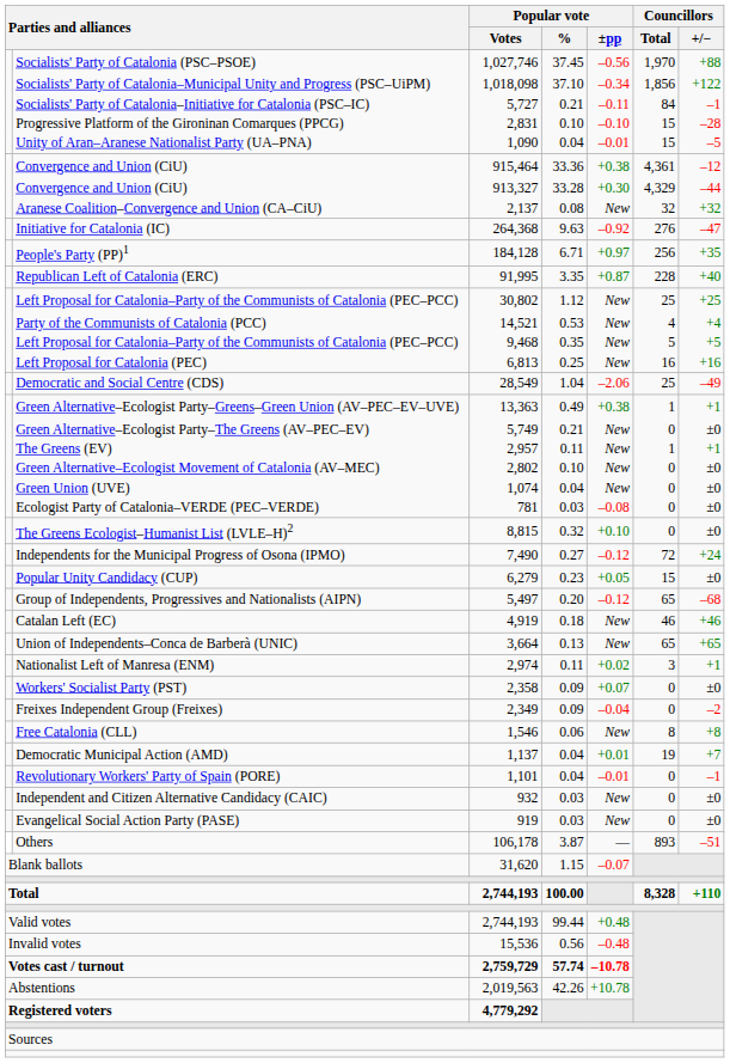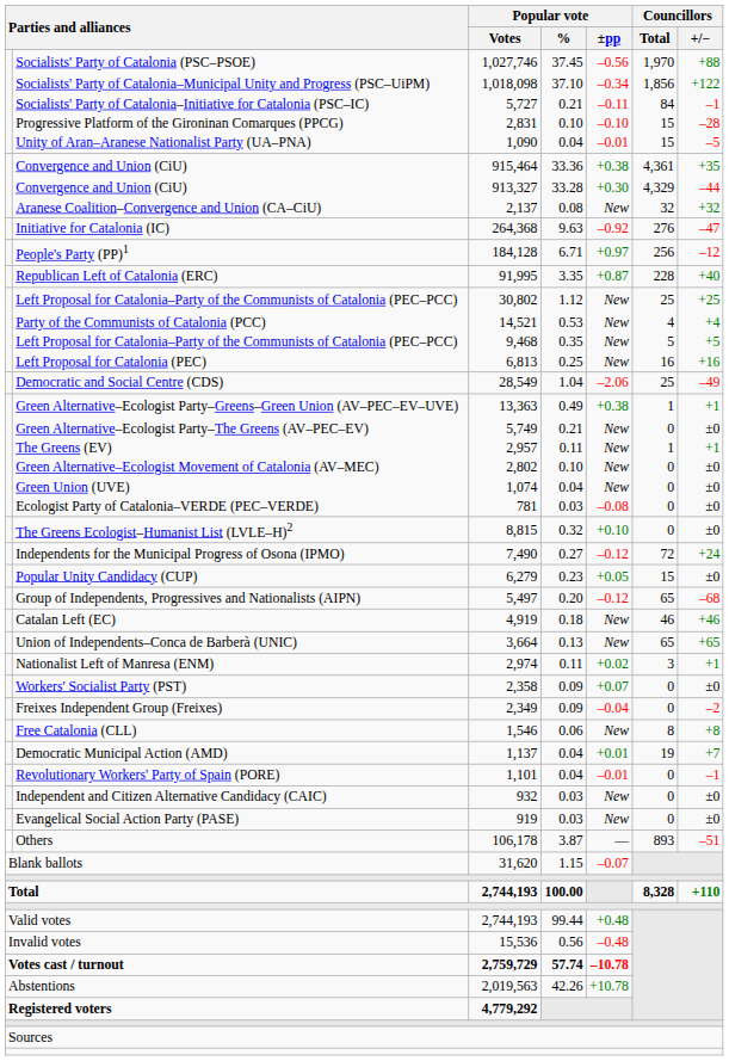 <table class="wikitable" style="text-align:right;">
 <tr>
 <th style="text-align:left;" rowspan="2" colspan="2" width="525">Parties and alliances</th>
 <th colspan="3">Popular vote</th>
 <th colspan="2">Councillors</th>
 </tr>
 <tr>
 <th width="75">Votes</th>
 <th width="45">%</th>
 <th width="45">±<a href='#'>pp</a></th>
 <th width="45">Total</th>
 <th width="45">+/−</th>
 </tr>
 <tr style="line-height:22px;">
 <td width="1" rowspan="5"></td>
 <td align="left"><a href='#'>Socialists' Party of Catalonia</a> (PSC–PSOE)</td>
 <td>1,027,746</td>
 <td>37.45</td>
 <td style="color:red;">–0.56</td>
 <td>1,970</td>
 <td style="color:green;">+88</td>
 </tr>
 <tr style="border-bottom-style:hidden; border-top-style:hidden; line-height:16px;">
 <td align="left"><span><a href='#'>Socialists' Party of Catalonia–Municipal Unity and Progress</a> (PSC–UiPM)</span></td>
 <td>1,018,098</td>
 <td>37.10</td>
 <td style="color:red;">–0.34</td>
 <td>1,856</td>
 <td style="color:green;">+122</td>
 </tr>
 <tr style="border-bottom-style:hidden; line-height:16px;">
 <td align="left"><span><a href='#'>Socialists' Party of Catalonia</a>–<a href='#'>Initiative for Catalonia</a> (PSC–IC)</span></td>
 <td>5,727</td>
 <td>0.21</td>
 <td style="color:red;">–0.11</td>
 <td>84</td>
 <td style="color:red;">–1</td>
 </tr>
 <tr style="border-bottom-style:hidden; line-height:16px;">
 <td align="left"><span>Progressive Platform of the Gironinan Comarques (PPCG)</span></td>
 <td>2,831</td>
 <td>0.10</td>
 <td style="color:red;">–0.10</td>
 <td>15</td>
 <td style="color:red;">–28</td>
 </tr>
 <tr style="line-height:16px;">
 <td align="left"><span><a href='#'>Unity of Aran–Aranese Nationalist Party</a> (UA–PNA)</span></td>
 <td>1,090</td>
 <td>0.04</td>
 <td style="color:red;">–0.01</td>
 <td>15</td>
 <td style="color:red;">–5</td>
 </tr>
 <tr style="line-height:22px;">
 <td rowspan="3" style="color:inherit;background:"></td>
 <td align="left"><a href='#'>Convergence and Union</a> (CiU)</td>
 <td>915,464</td>
 <td>33.36</td>
 <td style="color:green;">+0.38</td>
 <td>4,361</td>
-<td style="color:red;">–12</td>
+<td style="color:green;">+35</td>
 </tr>
 <tr style="border-bottom-style:hidden; border-top-style:hidden; line-height:16px;">
 <td align="left"><span><a href='#'>Convergence and Union</a> (CiU)</span></td>
 <td>913,327</td>
 <td>33.28</td>
 <td style="color:green;">+0.30</td>
 <td>4,329</td>
 <td style="color:red;">–44</td>
 </tr>
 <tr style="line-height:16px;">
 <td align="left"><span><a href='#'>Aranese Coalition</a>–<a href='#'>Convergence and Union</a> (CA–CiU)</span></td>
 <td>2,137</td>
 <td>0.08</td>
 <td><em>New</em></td>
 <td>32</td>
 <td style="color:green;">+32</td>
 </tr>
 <tr>
 <td style="color:inherit;background:"></td>
 <td align="left"><a href='#'>Initiative for Catalonia</a> (IC)</td>
 <td>264,368</td>
 <td>9.63</td>
 <td style="color:red;">–0.92</td>
 <td>276</td>
 <td style="color:red;">–47</td>
 </tr>
 <tr>
 <td style="color:inherit;background:"></td>
 <td align="left"><a href='#'>People's Party</a> (PP)<sup>1</sup></td>
 <td>184,128</td>
 <td>6.71</td>
 <td style="color:green;">+0.97</td>
 <td>256</td>
-<td style="color:green;">+35</td>
+<td style="color:red;">–12</td>
 </tr>
 <tr>
 <td style="color:inherit;background:"></td>
 <td align="left"><a href='#'>Republican Left of Catalonia</a> (ERC)</td>
 <td>91,995</td>
 <td>3.35</td>
 <td style="color:green;">+0.87</td>
 <td>228</td>
 <td style="color:green;">+40</td>
 </tr>
 <tr style="line-height:22px;">
 <td rowspan="4" style="color:inherit;background:"></td>
 <td align="left"><a href='#'>Left Proposal for Catalonia–Party of the Communists of Catalonia</a> (PEC–PCC)</td>
 <td>30,802</td>
 <td>1.12</td>
 <td><em>New</em></td>
 <td>25</td>
 <td style="color:green;">+25</td>
 </tr>
 <tr style="border-bottom-style:hidden; border-top-style:hidden; line-height:16px;">
 <td align="left"><span><a href='#'>Party of the Communists of Catalonia</a> (PCC)</span></td>
 <td>14,521</td>
 <td>0.53</td>
 <td><em>New</em></td>
 <td>4</td>
 <td style="color:green;">+4</td>
 </tr>
 <tr style="border-bottom-style:hidden; line-height:16px;">
 <td align="left"><span><a href='#'>Left Proposal for Catalonia–Party of the Communists of Catalonia</a> (PEC–PCC)</span></td>
 <td>9,468</td>
 <td>0.35</td>
 <td><em>New</em></td>
 <td>5</td>
 <td style="color:green;">+5</td>
 </tr>
 <tr style="line-height:16px;">
 <td align="left"><span><a href='#'>Left Proposal for Catalonia</a> (PEC)</span></td>
 <td>6,813</td>
 <td>0.25</td>
 <td><em>New</em></td>
 <td>16</td>
 <td style="color:green;">+16</td>
 </tr>
 <tr>
 <td style="color:inherit;background:"></td>
 <td align="left"><a href='#'>Democratic and Social Centre</a> (CDS)</td>
 <td>28,549</td>
 <td>1.04</td>
 <td style="color:red;">–2.06</td>
 <td>25</td>
 <td style="color:red;">–49</td>
 </tr>
 <tr style="line-height:22px;">
 <td rowspan="6" style="color:inherit;background:"></td>
 <td align="left"><a href='#'>Green Alternative</a>–Ecologist Party–<a href='#'>Greens</a>–<a href='#'>Green Union</a> (AV–PEC–EV–UVE)</td>
 <td>13,363</td>
 <td>0.49</td>
 <td style="color:green;">+0.38</td>
 <td>1</td>
 <td style="color:green;">+1</td>
 </tr>
 <tr style="border-bottom-style:hidden; border-top-style:hidden; line-height:16px;">
 <td align="left"><span><a href='#'>Green Alternative</a>–Ecologist Party–<a href='#'>The Greens</a> (AV–PEC–EV)</span></td>
 <td>5,749</td>
 <td>0.21</td>
 <td><em>New</em></td>
 <td>0</td>
 <td>±0</td>
 </tr>
 <tr style="border-bottom-style:hidden; line-height:16px;">
 <td align="left"><span><a href='#'>The Greens</a> (EV)</span></td>
 <td>2,957</td>
 <td>0.11</td>
 <td><em>New</em></td>
 <td>1</td>
 <td style="color:green;">+1</td>
 </tr>
 <tr style="border-bottom-style:hidden; line-height:16px;">
 <td align="left"><span><a href='#'>Green Alternative–Ecologist Movement of Catalonia</a> (AV–MEC)</span></td>
 <td>2,802</td>
 <td>0.10</td>
 <td><em>New</em></td>
 <td>0</td>
 <td>±0</td>
 </tr>
 <tr style="border-bottom-style:hidden; line-height:16px;">
 <td align="left"><span><a href='#'>Green Union</a> (UVE)</span></td>
 <td>1,074</td>
 <td>0.04</td>
 <td><em>New</em></td>
 <td>0</td>
 <td>±0</td>
 </tr>
 <tr style="line-height:16px;">
 <td align="left"><span>Ecologist Party of Catalonia–VERDE (PEC–VERDE)</span></td>
 <td>781</td>
 <td>0.03</td>
 <td style="color:red;">–0.08</td>
 <td>0</td>
 <td>±0</td>
 </tr>
 <tr>
 <td style="color:inherit;background:"></td>
 <td align="left"><a href='#'>The Greens Ecologist</a>–<a href='#'>Humanist List</a> (LVLE–H)<sup>2</sup></td>
 <td>8,815</td>
 <td>0.32</td>
 <td style="color:green;">+0.10</td>
 <td>0</td>
 <td>±0</td>
 </tr>
 <tr>
 <td style="color:inherit;background:"></td>
 <td align="left">Independents for the Municipal Progress of Osona (IPMO)</td>
 <td>7,490</td>
 <td>0.27</td>
 <td style="color:red;">–0.12</td>
 <td>72</td>
 <td style="color:green;">+24</td>
 </tr>
 <tr>
 <td style="color:inherit;background:"></td>
 <td align="left"><a href='#'>Popular Unity Candidacy</a> (CUP)</td>
 <td>6,279</td>
 <td>0.23</td>
 <td style="color:green;">+0.05</td>
 <td>15</td>
 <td>±0</td>
 </tr>
 <tr>
 <td style="color:inherit;background:"></td>
 <td align="left">Group of Independents, Progressives and Nationalists (AIPN)</td>
 <td>5,497</td>
 <td>0.20</td>
 <td style="color:red;">–0.12</td>
 <td>65</td>
 <td style="color:red;">–68</td>
 </tr>
 <tr>
 <td style="color:inherit;background:"></td>
 <td align="left">Catalan Left (EC)</td>
 <td>4,919</td>
 <td>0.18</td>
 <td><em>New</em></td>
 <td>46</td>
 <td style="color:green;">+46</td>
 </tr>
 <tr>
 <td style="color:inherit;background:"></td>
 <td align="left">Union of Independents–Conca de Barberà (UNIC)</td>
 <td>3,664</td>
 <td>0.13</td>
 <td><em>New</em></td>
 <td>65</td>
 <td style="color:green;">+65</td>
 </tr>
 <tr>
 <td style="color:inherit;background:"></td>
 <td align="left">Nationalist Left of Manresa (ENM)</td>
 <td>2,974</td>
 <td>0.11</td>
 <td style="color:green;">+0.02</td>
 <td>3</td>
 <td style="color:green;">+1</td>
 </tr>
 <tr>
 <td style="color:inherit;background:"></td>
 <td align="left"><a href='#'>Workers' Socialist Party</a> (PST)</td>
 <td>2,358</td>
 <td>0.09</td>
 <td style="color:green;">+0.07</td>
 <td>0</td>
 <td>±0</td>
 </tr>
 <tr>
 <td style="color:inherit;background:"></td>
 <td align="left">Freixes Independent Group (Freixes)</td>
 <td>2,349</td>
 <td>0.09</td>
 <td style="color:red;">–0.04</td>
 <td>0</td>
 <td style="color:red;">–2</td>
 </tr>
 <tr>
 <td style="color:inherit;background:"></td>
 <td align="left"><a href='#'>Free Catalonia</a> (CLL)</td>
 <td>1,546</td>
 <td>0.06</td>
 <td><em>New</em></td>
 <td>8</td>
 <td style="color:green;">+8</td>
 </tr>
 <tr>
 <td style="color:inherit;background:"></td>
 <td align="left">Democratic Municipal Action (AMD)</td>
 <td>1,137</td>
 <td>0.04</td>
 <td style="color:green;">+0.01</td>
 <td>19</td>
 <td style="color:green;">+7</td>
 </tr>
 <tr>
 <td style="color:inherit;background:"></td>
 <td align="left"><a href='#'>Revolutionary Workers' Party of Spain</a> (PORE)</td>
 <td>1,101</td>
 <td>0.04</td>
 <td style="color:red;">–0.01</td>
 <td>0</td>
 <td style="color:red;">–1</td>
 </tr>
 <tr>
 <td style="color:inherit;background:"></td>
 <td align="left">Independent and Citizen Alternative Candidacy (CAIC)</td>
 <td>932</td>
 <td>0.03</td>
 <td><em>New</em></td>
 <td>0</td>
 <td>±0</td>
 </tr>
 <tr>
 <td style="color:inherit;background:"></td>
 <td align="left">Evangelical Social Action Party (PASE)</td>
 <td>919</td>
 <td>0.03</td>
 <td><em>New</em></td>
 <td>0</td>
 <td>±0</td>
 </tr>
 <tr>
 <td bgcolor="white"></td>
 <td align="left">Others</td>
 <td>106,178</td>
 <td>3.87</td>
 <td>—</td>
 <td>893</td>
 <td style="color:red;">–51</td>
 </tr>
 <tr>
 <td align="left" colspan="2">Blank ballots</td>
 <td>31,620</td>
 <td>1.15</td>
 <td style="color:red;">–0.07</td>
 <td style="color:inherit;background:#E9E9E9" colspan="2"></td>
 </tr>
 <tr>
 <td colspan="7" style="color:inherit;background:#E9E9E9"></td>
 </tr>
 <tr style="font-weight:bold;">
 <td align="left" colspan="2">Total</td>
 <td>2,744,193</td>
 <td>100.00</td>
 <td bgcolor="#E9E9E9"></td>
 <td>8,328</td>
 <td style="color:green;">+110</td>
 </tr>
 <tr>
 <td colspan="7" style="color:inherit;background:#E9E9E9"></td>
 </tr>
 <tr>
 <td align="left" colspan="2">Valid votes</td>
 <td>2,744,193</td>
 <td>99.44</td>
 <td style="color:green;">+0.48</td>
 <td bgcolor="#E9E9E9" colspan="2" rowspan="5"></td>
 </tr>
 <tr>
 <td align="left" colspan="2">Invalid votes</td>
 <td>15,536</td>
 <td>0.56</td>
 <td style="color:red;">–0.48</td>
 </tr>
 <tr style="font-weight:bold;">
 <td align="left" colspan="2">Votes cast / turnout</td>
 <td>2,759,729</td>
 <td>57.74</td>
 <td style="color:red;">–10.78</td>
 </tr>
 <tr>
 <td align="left" colspan="2">Abstentions</td>
 <td>2,019,563</td>
 <td>42.26</td>
 <td style="color:green;">+10.78</td>
 </tr>
 <tr style="font-weight:bold;">
 <td align="left" colspan="2">Registered voters</td>
 <td>4,779,292</td>
 <td bgcolor="#E9E9E9" colspan="2"></td>
 </tr>
 <tr>
 <td colspan="7" style="color:inherit;background:#E9E9E9"></td>
 </tr>
 <tr>
 <td align="left" colspan="7">Sources</td>
 </tr>
 <tr>
 <td colspan="7" style="text-align:left; max-width:790px;"></td>
 </tr>
 </table>
